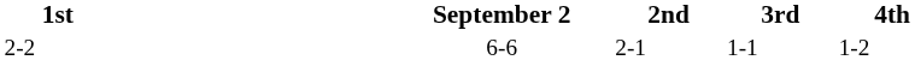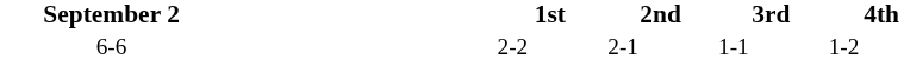 <table width=60% cellspacing=1>
 <tr>
 <th width=20%></th>
+<th width=16%>September 2</th>
+<th width=20%></th>
 <th width=8%>1st</th>
-<th width=20%></th>
-<th width=16%>September 2</th>
 <th width=8%>2nd</th>
 <th width=8%>3rd</th>
 <th width=8%>4th</th>
 </tr>
 <tr style=font-size:90%>
 <td align=right></td>
+<td align=center>6-6</td>
+<td></td>
 <td>2-2</td>
-<td></td>
-<td align=center>6-6</td>
 <td>2-1</td>
 <td>1-1</td>
 <td>1-2</td>
 </tr>
 </table>
